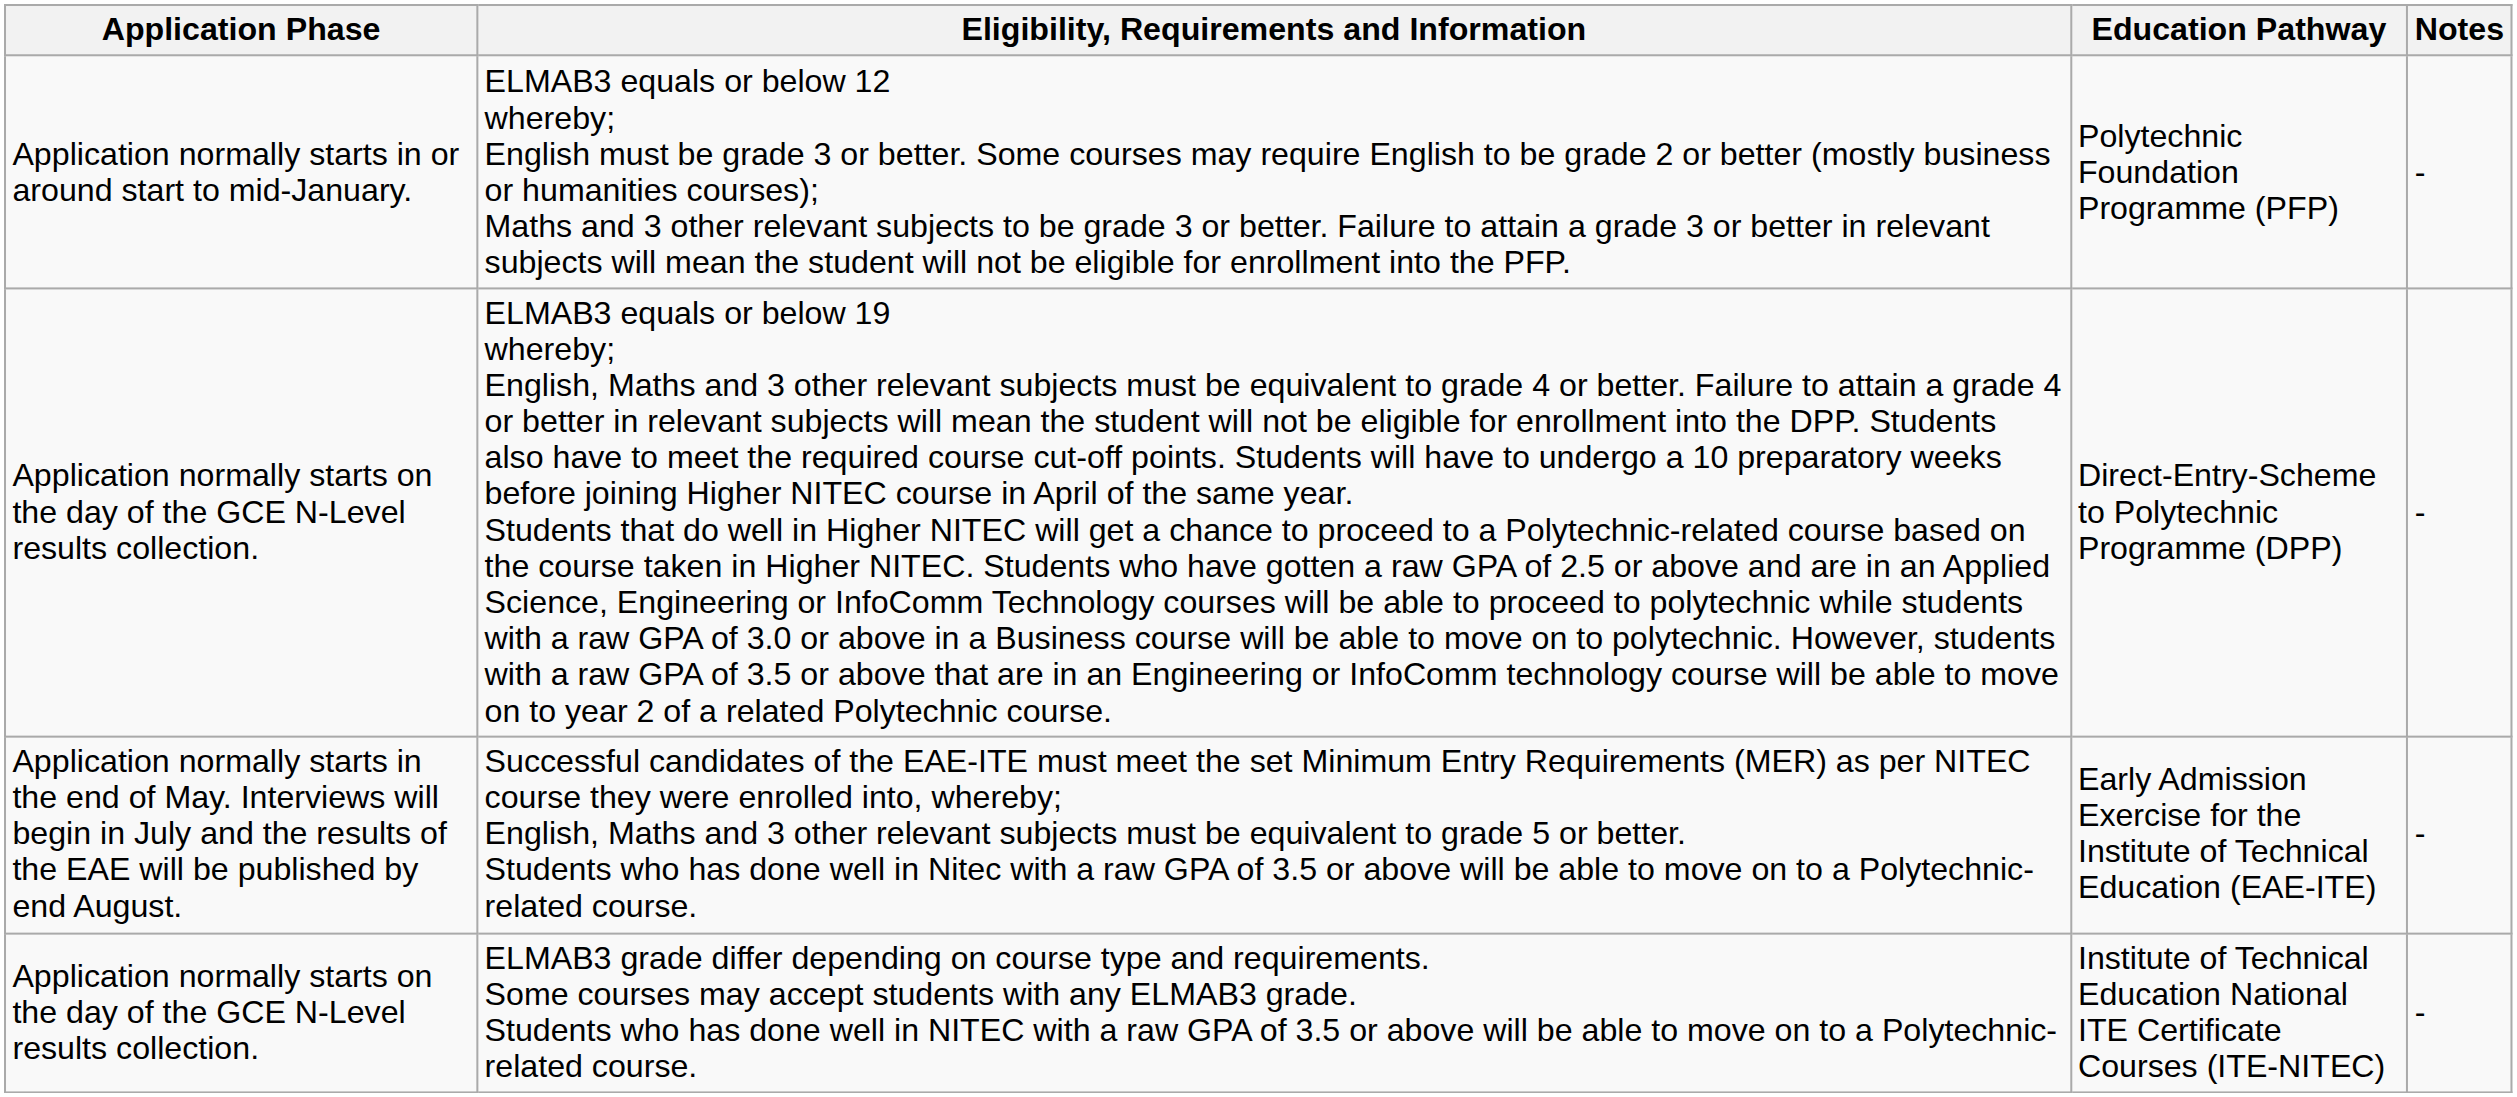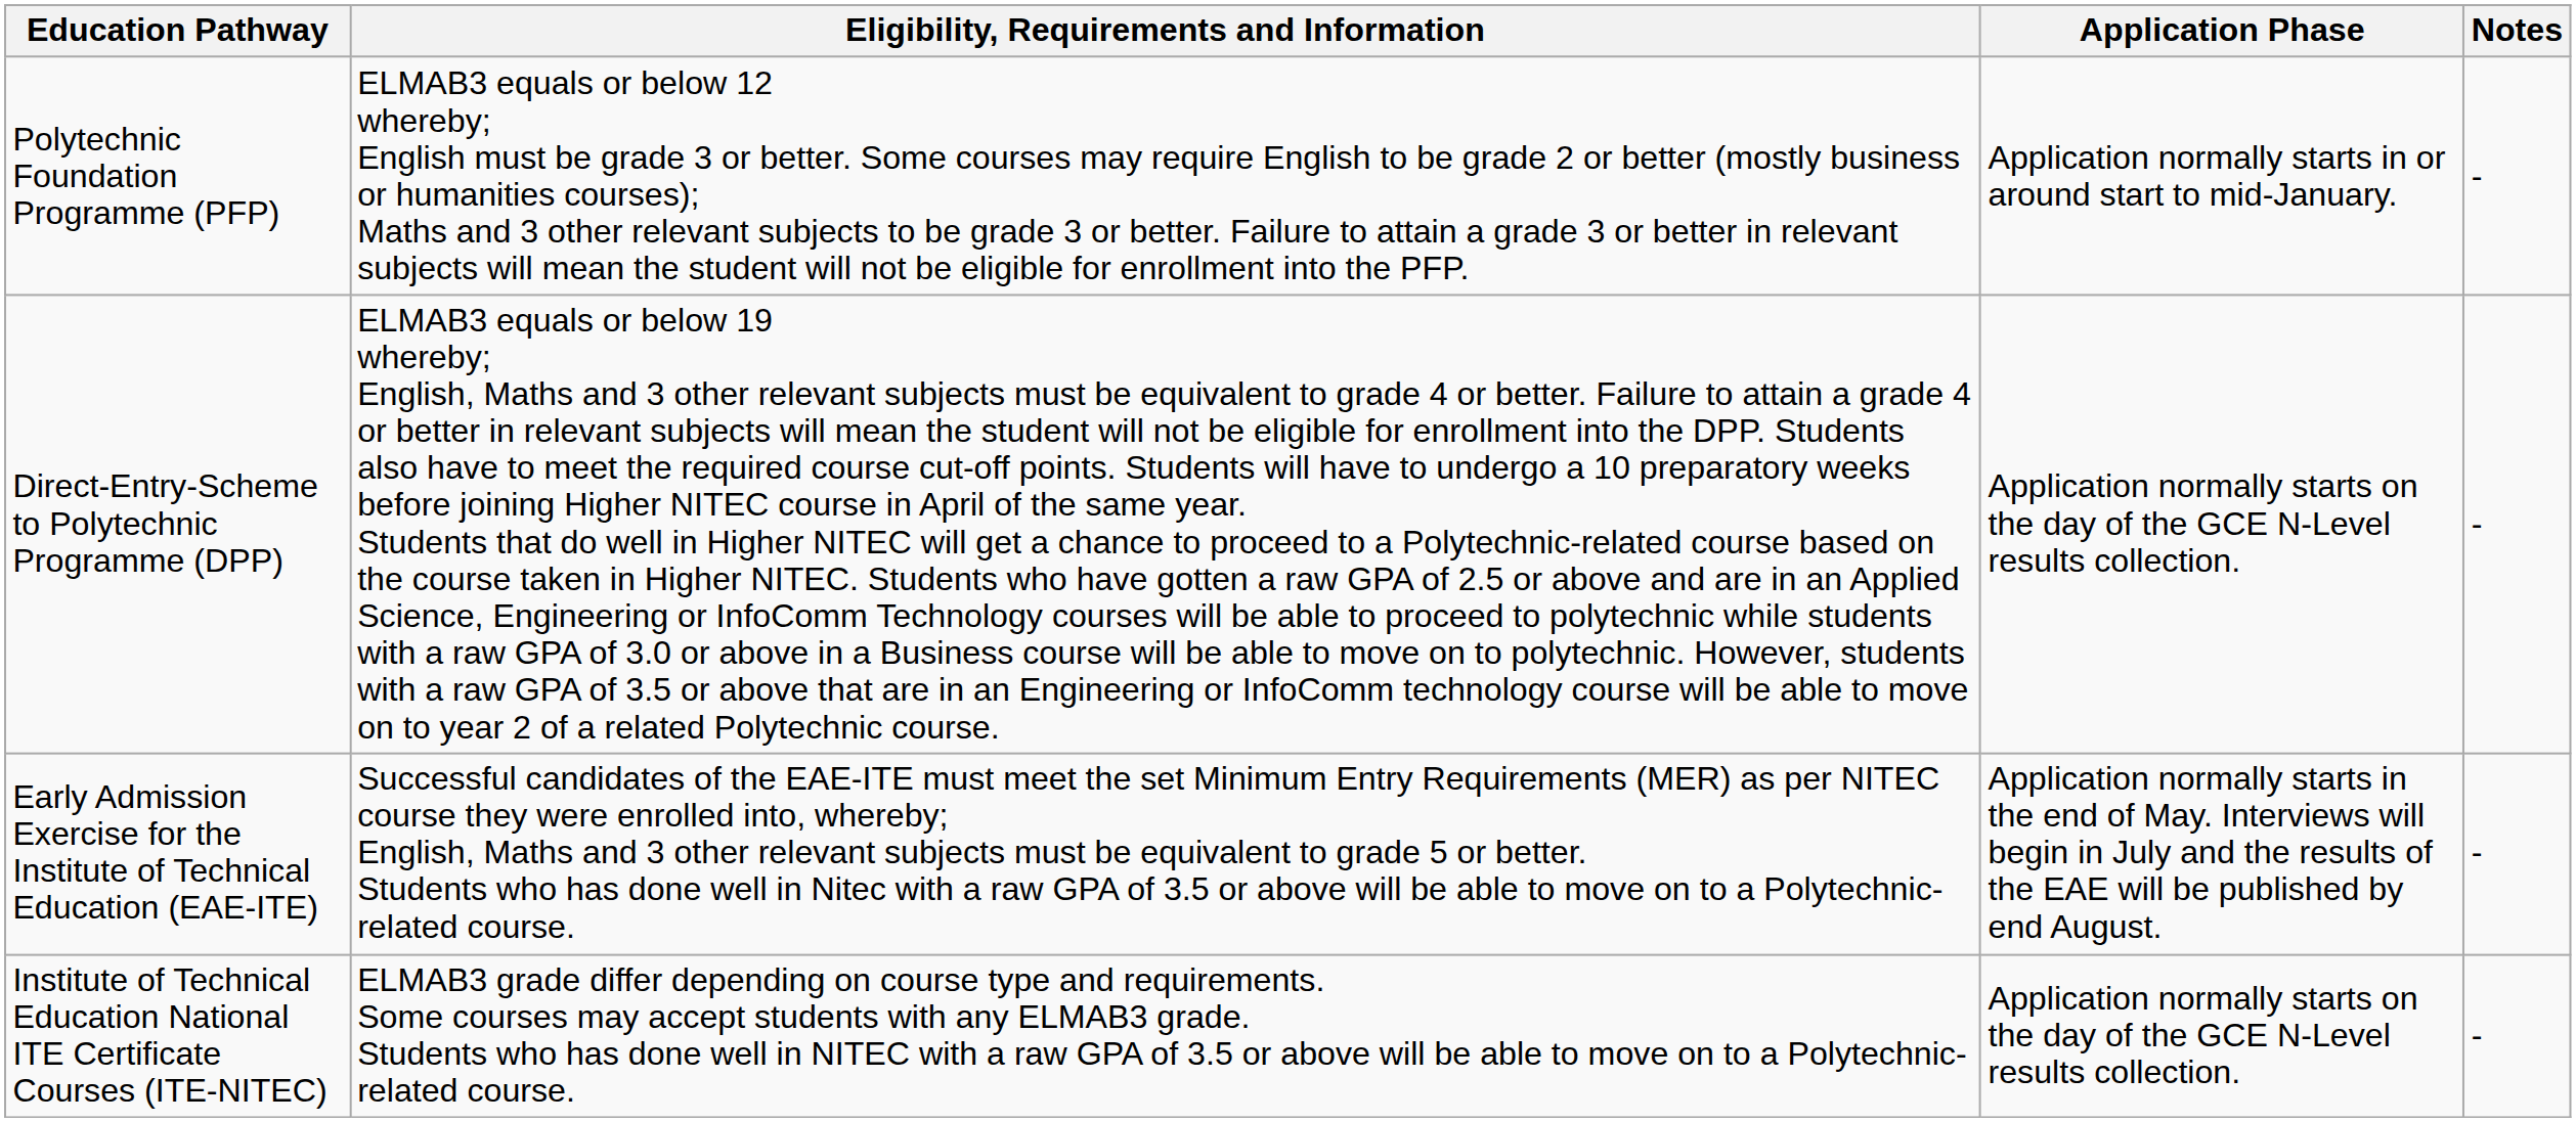 <table class="wikitable">
 <tr>
+<th>Education Pathway</th>
+<th>Eligibility, Requirements and Information</th>
 <th>Application Phase</th>
-<th>Eligibility, Requirements and Information</th>
-<th>Education Pathway</th>
 <th>Notes</th>
 </tr>
 <tr>
+<td>Polytechnic Foundation Programme (PFP)</td>
+<td>ELMAB3 equals or below 12<br>whereby;<br>English must be grade 3 or better. Some courses may require English to be grade 2 or better (mostly business or humanities courses);<br>Maths and 3 other relevant subjects to be grade 3 or better. Failure to attain a grade 3 or better in relevant subjects will mean the student will not be eligible for enrollment into the PFP.</td>
 <td>Application normally starts in or around start to mid-January.</td>
-<td>ELMAB3 equals or below 12<br>whereby;<br>English must be grade 3 or better. Some courses may require English to be grade 2 or better (mostly business or humanities courses);<br>Maths and 3 other relevant subjects to be grade 3 or better. Failure to attain a grade 3 or better in relevant subjects will mean the student will not be eligible for enrollment into the PFP.</td>
-<td>Polytechnic Foundation Programme (PFP)</td>
 <td>-</td>
 </tr>
 <tr>
+<td>Direct-Entry-Scheme to Polytechnic Programme (DPP)</td>
+<td>ELMAB3 equals or below 19<br>whereby;<br>English, Maths and 3 other relevant subjects must be equivalent to grade 4 or better. Failure to attain a grade 4 or better in relevant subjects will mean the student will not be eligible for enrollment into the DPP. Students also have to meet the required course cut-off points. Students will have to undergo a 10 preparatory weeks before joining Higher NITEC course in April of the same year.<br>Students that do well in Higher NITEC will get a chance to proceed to a Polytechnic-related course based on the course taken in Higher NITEC. Students who have gotten a raw GPA of 2.5 or above and are in an Applied Science, Engineering or InfoComm Technology courses will be able to proceed to polytechnic while students with a raw GPA of 3.0 or above in a Business course will be able to move on to polytechnic. However, students with a raw GPA of 3.5 or above that are in an Engineering or InfoComm technology course will be able to move on to year 2 of a related Polytechnic course.</td>
 <td>Application normally starts on the day of the GCE N-Level results collection.</td>
-<td>ELMAB3 equals or below 19<br>whereby;<br>English, Maths and 3 other relevant subjects must be equivalent to grade 4 or better. Failure to attain a grade 4 or better in relevant subjects will mean the student will not be eligible for enrollment into the DPP. Students also have to meet the required course cut-off points. Students will have to undergo a 10 preparatory weeks before joining Higher NITEC course in April of the same year.<br>Students that do well in Higher NITEC will get a chance to proceed to a Polytechnic-related course based on the course taken in Higher NITEC. Students who have gotten a raw GPA of 2.5 or above and are in an Applied Science, Engineering or InfoComm Technology courses will be able to proceed to polytechnic while students with a raw GPA of 3.0 or above in a Business course will be able to move on to polytechnic. However, students with a raw GPA of 3.5 or above that are in an Engineering or InfoComm technology course will be able to move on to year 2 of a related Polytechnic course.</td>
-<td>Direct-Entry-Scheme to Polytechnic Programme (DPP)</td>
 <td>-</td>
 </tr>
 <tr>
+<td>Early Admission Exercise for the Institute of Technical Education (EAE-ITE)</td>
+<td>Successful candidates of the EAE-ITE must meet the set Minimum Entry Requirements (MER) as per NITEC course they were enrolled into, whereby;<br>English, Maths and 3 other relevant subjects must be equivalent to grade 5 or better.<br>Students who has done well in Nitec with a raw GPA of 3.5 or above will be able to move on to a Polytechnic-related course.</td>
 <td>Application normally starts in the end of May. Interviews will begin in July and the results of the EAE will be published by end August.</td>
-<td>Successful candidates of the EAE-ITE must meet the set Minimum Entry Requirements (MER) as per NITEC course they were enrolled into, whereby;<br>English, Maths and 3 other relevant subjects must be equivalent to grade 5 or better.<br>Students who has done well in Nitec with a raw GPA of 3.5 or above will be able to move on to a Polytechnic-related course.</td>
-<td>Early Admission Exercise for the Institute of Technical Education (EAE-ITE)</td>
 <td>-</td>
 </tr>
 <tr>
+<td>Institute of Technical Education National ITE Certificate Courses (ITE-NITEC)</td>
+<td>ELMAB3 grade differ depending on course type and requirements.<br>Some courses may accept students with any ELMAB3 grade.<br>Students who has done well in NITEC with a raw GPA of 3.5 or above will be able to move on to a Polytechnic-related course.</td>
 <td>Application normally starts on the day of the GCE N-Level results collection.</td>
-<td>ELMAB3 grade differ depending on course type and requirements.<br>Some courses may accept students with any ELMAB3 grade.<br>Students who has done well in NITEC with a raw GPA of 3.5 or above will be able to move on to a Polytechnic-related course.</td>
-<td>Institute of Technical Education National ITE Certificate Courses (ITE-NITEC)</td>
 <td>-</td>
 </tr>
 </table>
